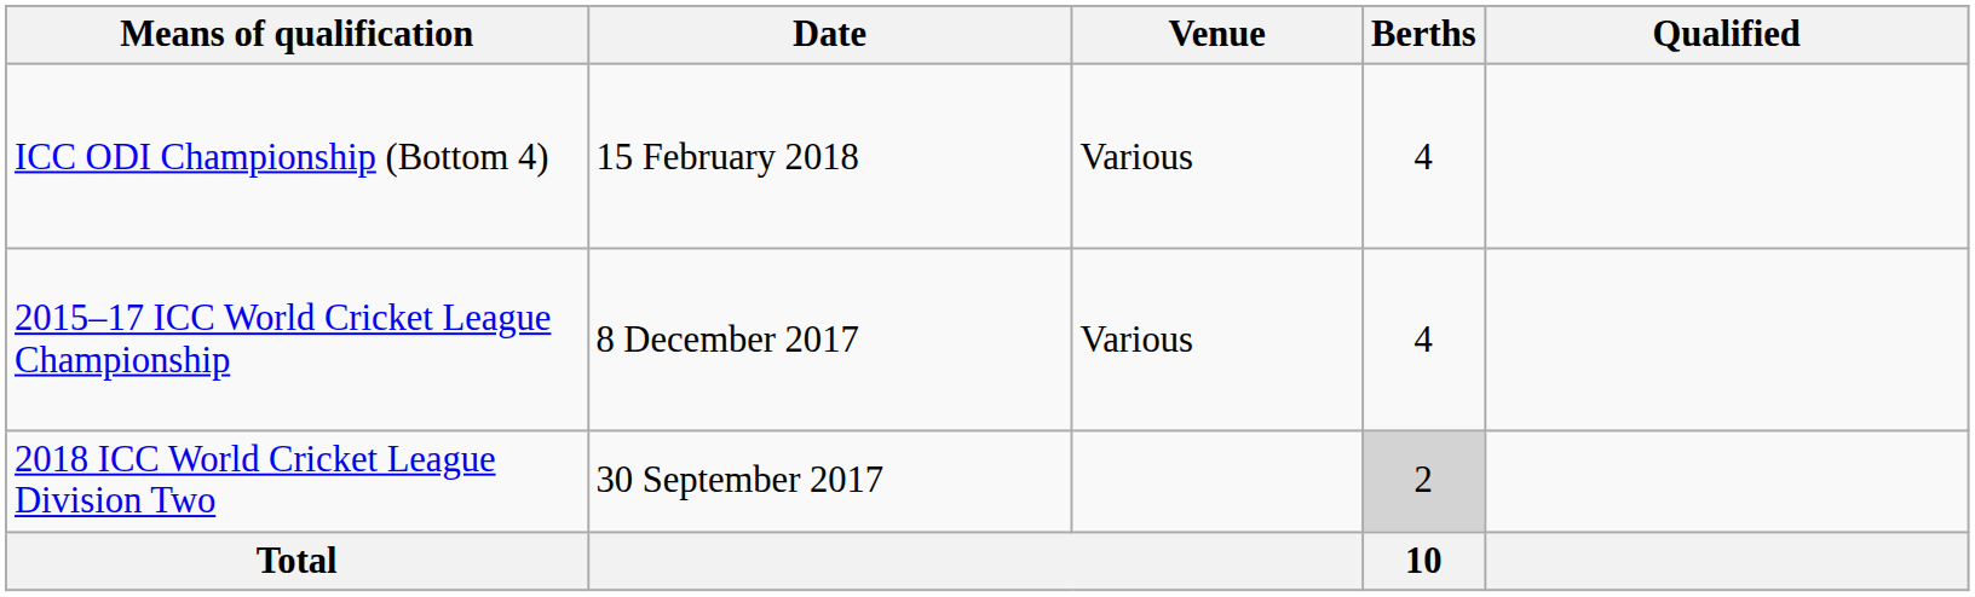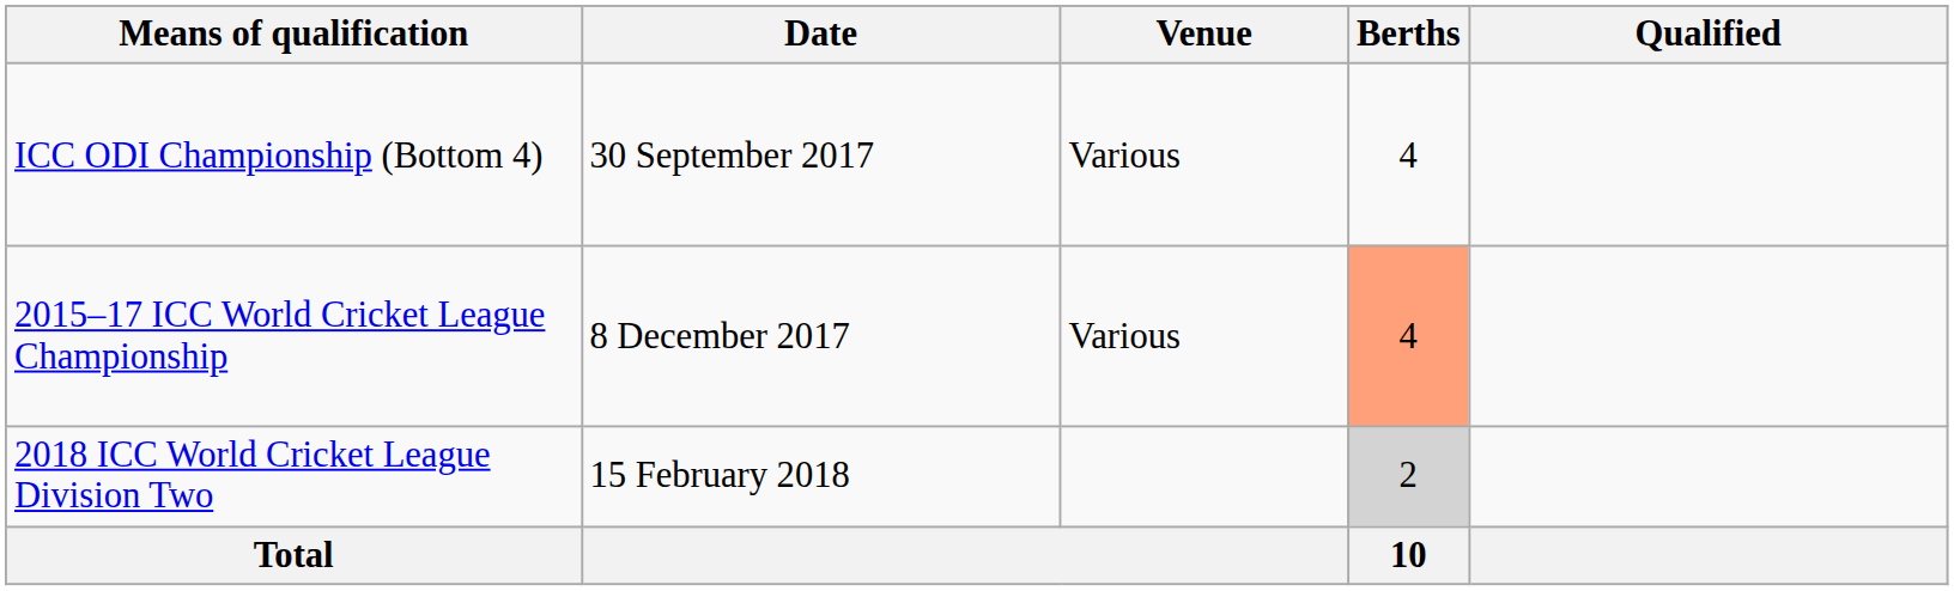 <table class="wikitable" width="850">
 <tr>
 <th width="30%">Means of qualification</th>
 <th width="25%">Date</th>
 <th width="15%">Venue</th>
 <th width="5%">Berths</th>
 <th width="25%">Qualified</th>
 </tr>
 <tr>
 <td><a href='#'>ICC ODI Championship</a> (Bottom 4)</td>
-<td>15 February 2018</td>
+<td>30 September 2017</td>
 <td>Various</td>
 <td style="text-align:center;">4</td>
 <td><br><br> <br> <br> </td>
 </tr>
 <tr>
 <td><a href='#'>2015–17 ICC World Cricket League Championship</a></td>
 <td>8 December 2017</td>
 <td>Various</td>
-<td style="text-align:center;">4</td>
+<td style="background: lightsalmon; text-align:center;">4</td>
 <td><br><br> <br> <br> </td>
 </tr>
 <tr>
 <td><a href='#'>2018 ICC World Cricket League Division Two</a></td>
-<td>30 September 2017</td>
+<td>15 February 2018</td>
 <td></td>
 <td style="background: lightgrey; text-align:center;">2</td>
 <td><br><br> </td>
 </tr>
 <tr>
 <th>Total</th>
 <th colspan="2"></th>
 <th>10</th>
 <th></th>
 </tr>
 </table>
